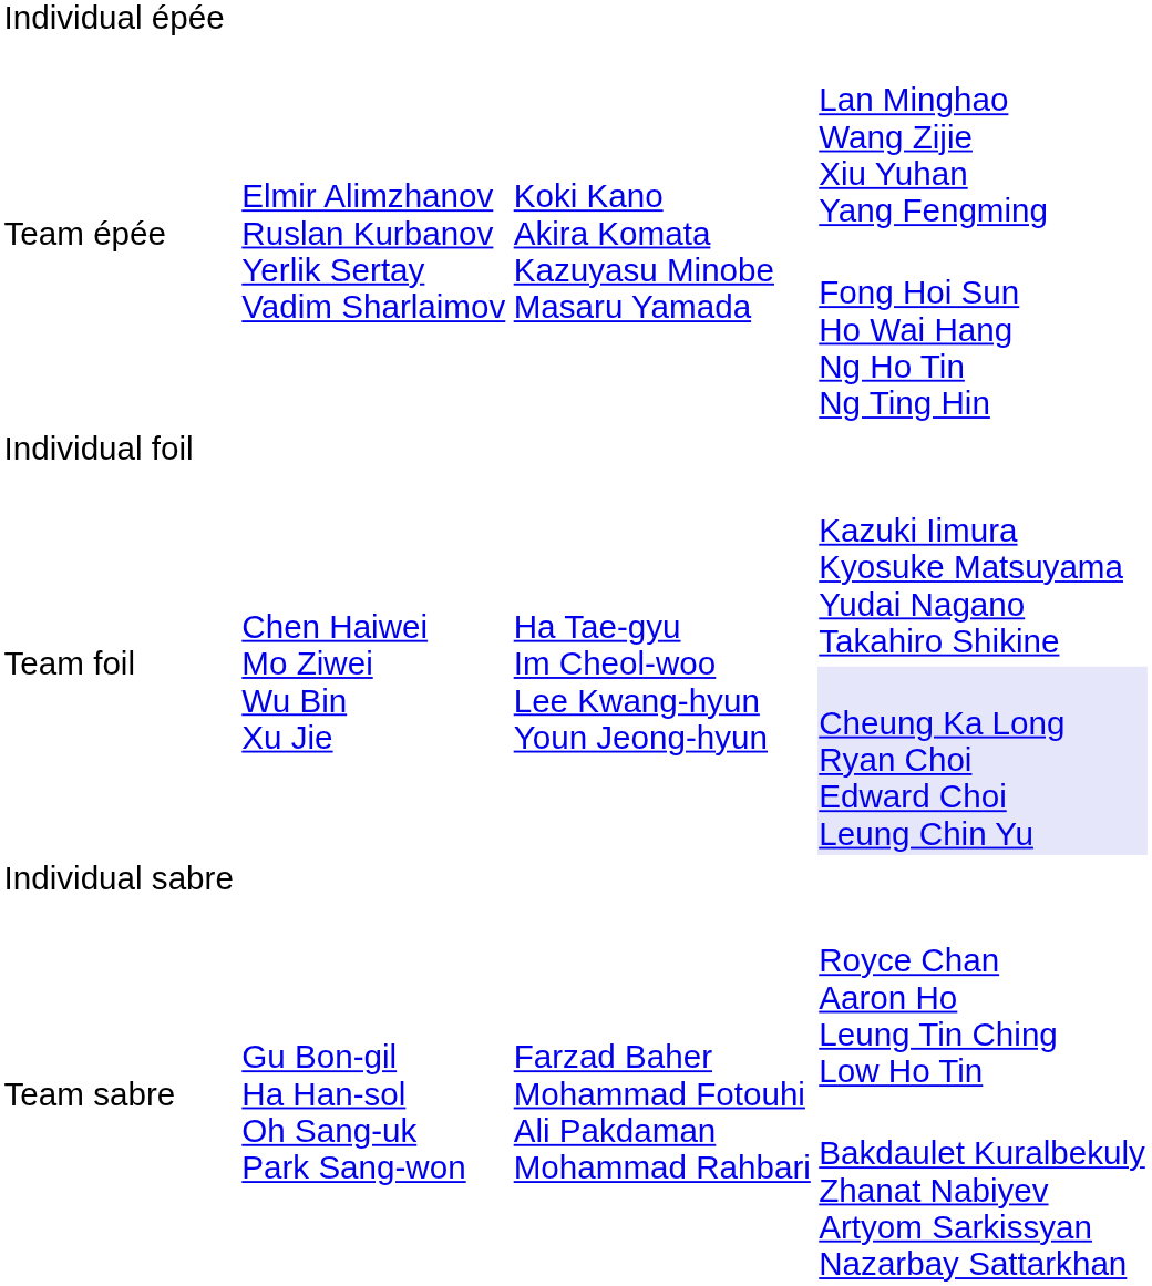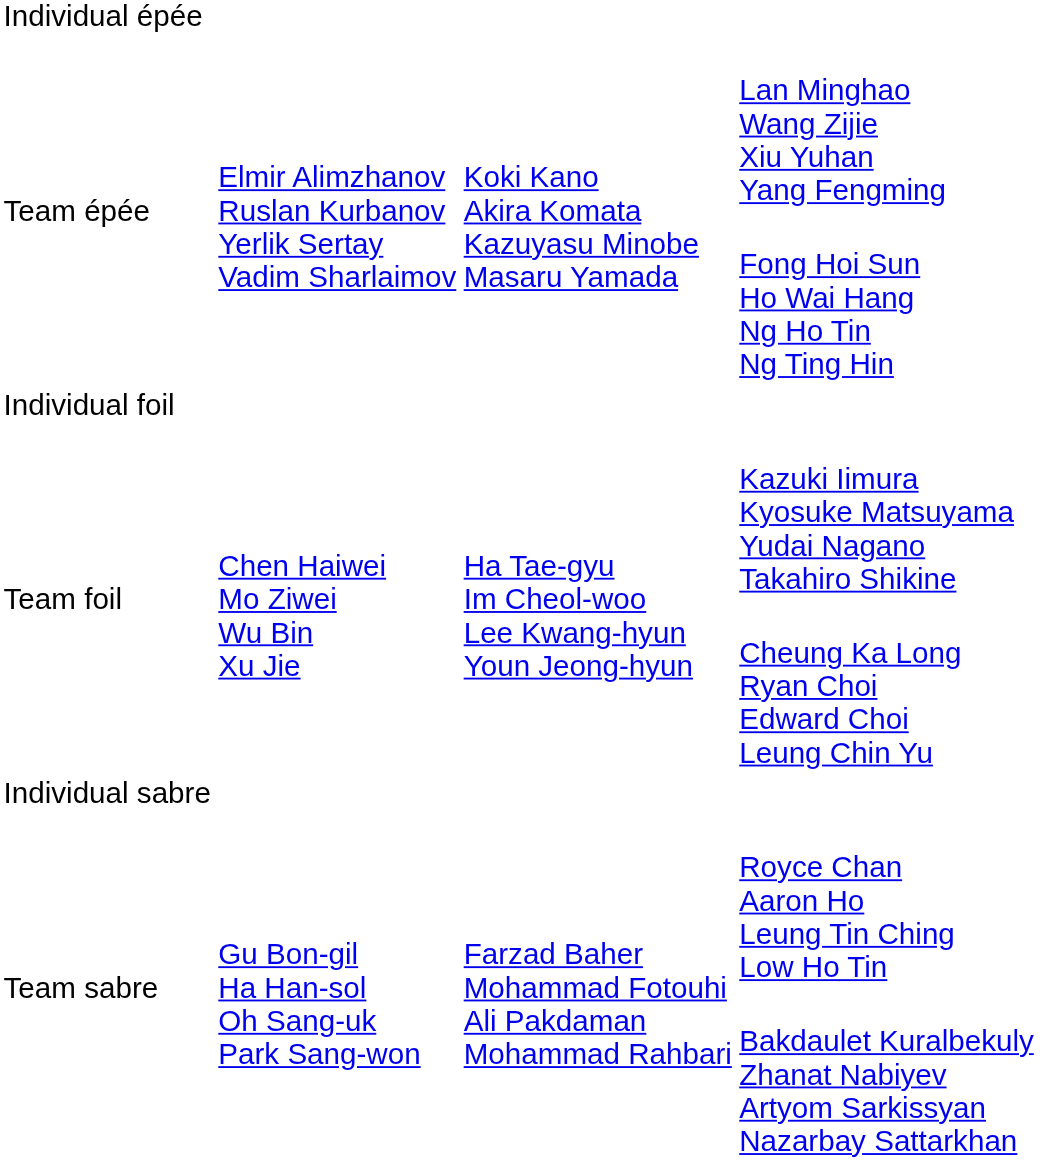 <table>
 <tr>
 <td rowspan=2>Individual épée</td>
 <td rowspan=2></td>
 <td rowspan=2></td>
 <td></td>
 </tr>
 <tr>
 <td></td>
 </tr>
 <tr>
 <td rowspan=2>Team épée</td>
 <td rowspan=2><br><a href='#'>Elmir Alimzhanov</a><br><a href='#'>Ruslan Kurbanov</a><br><a href='#'>Yerlik Sertay</a><br><a href='#'>Vadim Sharlaimov</a></td>
 <td rowspan=2><br><a href='#'>Koki Kano</a><br><a href='#'>Akira Komata</a><br><a href='#'>Kazuyasu Minobe</a><br><a href='#'>Masaru Yamada</a></td>
 <td><br><a href='#'>Lan Minghao</a><br><a href='#'>Wang Zijie</a><br><a href='#'>Xiu Yuhan</a><br><a href='#'>Yang Fengming</a></td>
 </tr>
 <tr>
 <td><br><a href='#'>Fong Hoi Sun</a><br><a href='#'>Ho Wai Hang</a><br><a href='#'>Ng Ho Tin</a><br><a href='#'>Ng Ting Hin</a></td>
 </tr>
 <tr>
 <td rowspan=2>Individual foil</td>
 <td rowspan=2></td>
 <td rowspan=2></td>
 <td></td>
 </tr>
 <tr>
 <td></td>
 </tr>
 <tr>
 <td rowspan=2>Team foil</td>
 <td rowspan=2><br><a href='#'>Chen Haiwei</a><br><a href='#'>Mo Ziwei</a><br><a href='#'>Wu Bin</a><br><a href='#'>Xu Jie</a></td>
 <td rowspan=2><br><a href='#'>Ha Tae-gyu</a><br><a href='#'>Im Cheol-woo</a><br><a href='#'>Lee Kwang-hyun</a><br><a href='#'>Youn Jeong-hyun</a></td>
 <td><br><a href='#'>Kazuki Iimura</a><br><a href='#'>Kyosuke Matsuyama</a><br><a href='#'>Yudai Nagano</a><br><a href='#'>Takahiro Shikine</a></td>
 </tr>
 <tr>
-<td style="background: lavender;"><br><a href='#'>Cheung Ka Long</a><br><a href='#'>Ryan Choi</a><br><a href='#'>Edward Choi</a><br><a href='#'>Leung Chin Yu</a></td>
+<td><br><a href='#'>Cheung Ka Long</a><br><a href='#'>Ryan Choi</a><br><a href='#'>Edward Choi</a><br><a href='#'>Leung Chin Yu</a></td>
 </tr>
 <tr>
 <td rowspan=2>Individual sabre</td>
 <td rowspan=2></td>
 <td rowspan=2></td>
 <td></td>
 </tr>
 <tr>
 <td></td>
 </tr>
 <tr>
 <td rowspan=2>Team sabre</td>
 <td rowspan=2><br><a href='#'>Gu Bon-gil</a><br><a href='#'>Ha Han-sol</a><br><a href='#'>Oh Sang-uk</a><br><a href='#'>Park Sang-won</a></td>
 <td rowspan=2><br><a href='#'>Farzad Baher</a><br><a href='#'>Mohammad Fotouhi</a><br><a href='#'>Ali Pakdaman</a><br><a href='#'>Mohammad Rahbari</a></td>
 <td><br><a href='#'>Royce Chan</a><br><a href='#'>Aaron Ho</a><br><a href='#'>Leung Tin Ching</a><br><a href='#'>Low Ho Tin</a></td>
 </tr>
 <tr>
 <td><br><a href='#'>Bakdaulet Kuralbekuly</a><br><a href='#'>Zhanat Nabiyev</a><br><a href='#'>Artyom Sarkissyan</a><br><a href='#'>Nazarbay Sattarkhan</a></td>
 </tr>
 </table>
